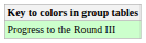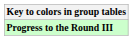 <table class="wikitable" border="1">
 <tr>
 <th>Key to colors in group tables</th>
 </tr>
 <tr style="background:#cfc;">
-<td>Progress to the  Round III</td>
+<td><strong>Progress to the  Round III</strong></td>
 </tr>
 </table>
